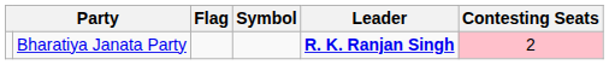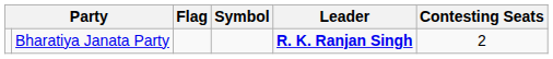 <table class="wikitable" style="text-align:center">
 <tr>
 <th colspan="2">Party</th>
 <th>Flag</th>
 <th>Symbol</th>
 <th>Leader</th>
 <th>Contesting Seats</th>
 </tr>
 <tr>
 <td></td>
 <td><a href='#'>Bharatiya Janata Party</a></td>
 <td></td>
 <td></td>
 <td><strong><a href='#'>R. K. Ranjan Singh</a></strong></td>
-<td style="background: pink;">2</td>
+<td>2</td>
 </tr>
 </table>
